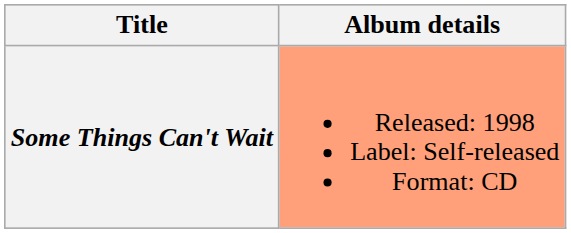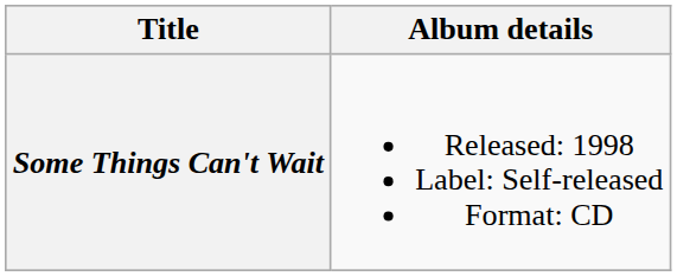 <table class="wikitable plainrowheaders" style="text-align:center;">
 <tr>
 <th>Title</th>
 <th>Album details</th>
 </tr>
 <tr>
 <th scope="row"><em>Some Things Can't Wait</em><br></th>
-<td style="background: lightsalmon;"><br><ul><li>Released: 1998</li><li>Label: Self-released</li><li>Format: CD</li></ul></td>
+<td><br><ul><li>Released: 1998</li><li>Label: Self-released</li><li>Format: CD</li></ul></td>
 </tr>
 </table>
